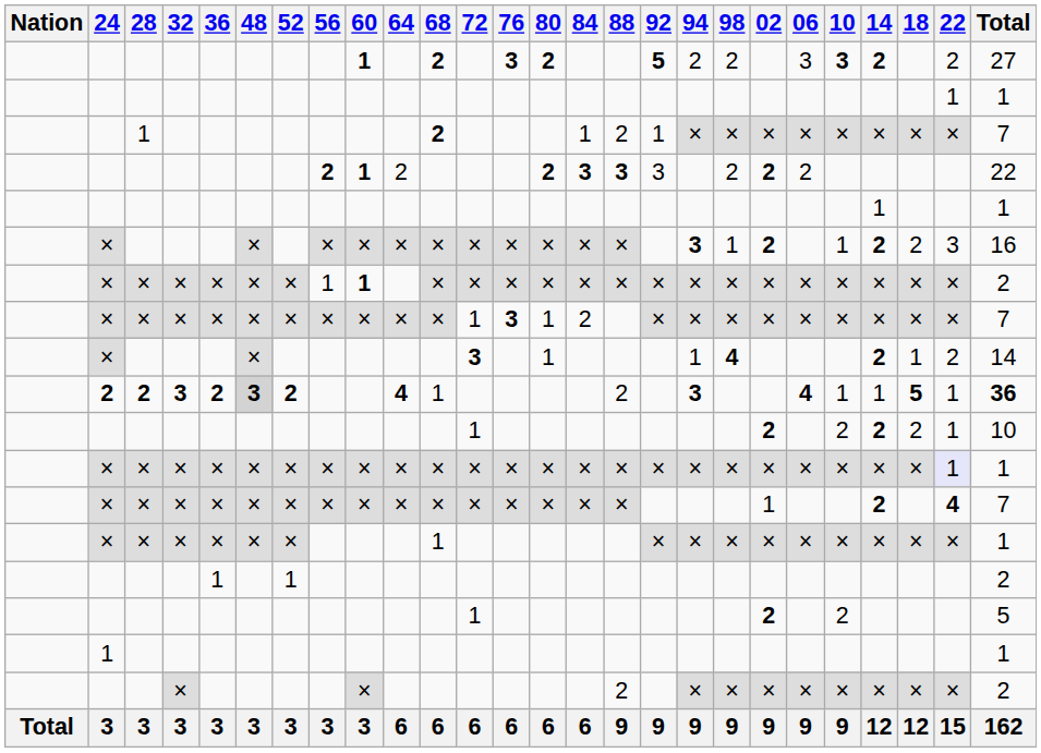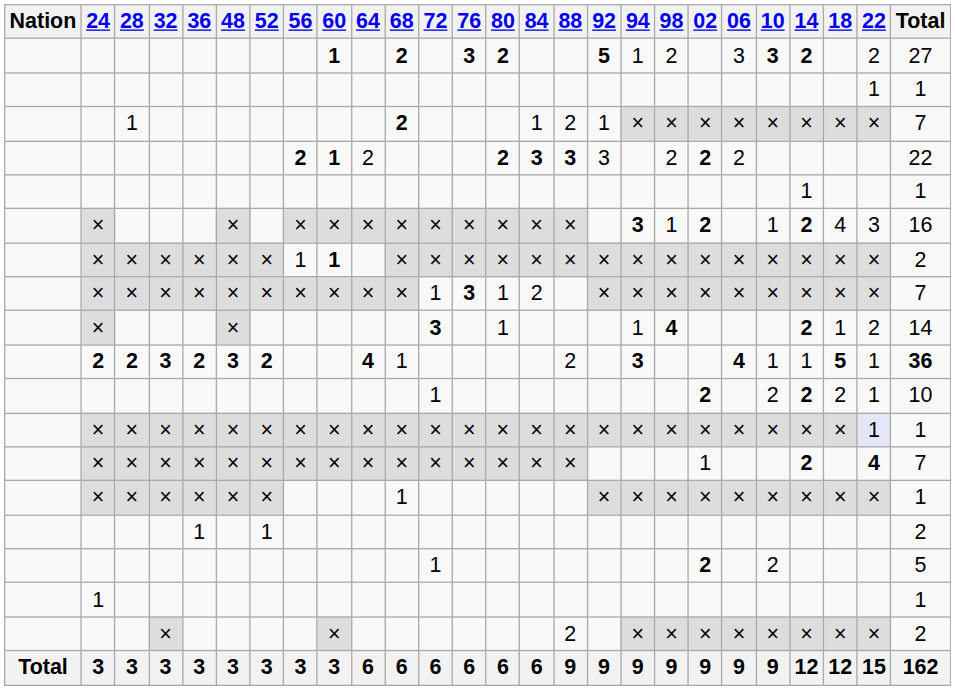 <table class="wikitable sortable" style="text-align:center">
 <tr>
 <th>Nation</th>
 <th><a href='#'>24</a></th>
 <th><a href='#'>28</a></th>
 <th><a href='#'>32</a></th>
 <th><a href='#'>36</a></th>
 <th><a href='#'>48</a></th>
 <th><a href='#'>52</a></th>
 <th><a href='#'>56</a></th>
 <th><a href='#'>60</a></th>
 <th><a href='#'>64</a></th>
 <th><a href='#'>68</a></th>
 <th><a href='#'>72</a></th>
 <th><a href='#'>76</a></th>
 <th><a href='#'>80</a></th>
 <th><a href='#'>84</a></th>
 <th><a href='#'>88</a></th>
 <th><a href='#'>92</a></th>
 <th><a href='#'>94</a></th>
 <th><a href='#'>98</a></th>
 <th><a href='#'>02</a></th>
 <th><a href='#'>06</a></th>
 <th><a href='#'>10</a></th>
 <th><a href='#'>14</a></th>
 <th><a href='#'>18</a></th>
 <th><a href='#'>22</a></th>
 <th>Total</th>
 </tr>
 <tr>
 <td align=left></td>
 <td></td>
 <td></td>
 <td></td>
 <td></td>
 <td></td>
 <td></td>
 <td></td>
 <td><strong>1</strong></td>
 <td></td>
 <td><strong>2</strong></td>
 <td></td>
 <td><strong>3</strong></td>
 <td><strong>2</strong></td>
 <td></td>
 <td></td>
 <td><strong>5</strong></td>
-<td>2</td>
+<td>1</td>
 <td>2</td>
 <td></td>
 <td>3</td>
 <td><strong>3</strong></td>
 <td><strong>2</strong></td>
 <td></td>
 <td>2</td>
 <td>27</td>
 </tr>
 <tr>
 <td align=left></td>
 <td></td>
 <td></td>
 <td></td>
 <td></td>
 <td></td>
 <td></td>
 <td></td>
 <td></td>
 <td></td>
 <td></td>
 <td></td>
 <td></td>
 <td></td>
 <td></td>
 <td></td>
 <td></td>
 <td></td>
 <td></td>
 <td></td>
 <td></td>
 <td></td>
 <td></td>
 <td></td>
 <td>1</td>
 <td>1</td>
 </tr>
 <tr>
 <td align=left></td>
 <td></td>
 <td>1</td>
 <td></td>
 <td></td>
 <td></td>
 <td></td>
 <td></td>
 <td></td>
 <td></td>
 <td><strong>2</strong></td>
 <td></td>
 <td></td>
 <td></td>
 <td>1</td>
 <td>2</td>
 <td>1</td>
 <td style="background:#ddd">×</td>
 <td style="background:#ddd">×</td>
 <td style="background:#ddd">×</td>
 <td style="background:#ddd">×</td>
 <td style="background:#ddd">×</td>
 <td style="background:#ddd">×</td>
 <td style="background:#ddd">×</td>
 <td style="background:#ddd">×</td>
 <td>7</td>
 </tr>
 <tr>
 <td align=left></td>
 <td></td>
 <td></td>
 <td></td>
 <td></td>
 <td></td>
 <td></td>
 <td><strong>2</strong></td>
 <td><strong>1</strong></td>
 <td>2</td>
 <td></td>
 <td></td>
 <td></td>
 <td><strong>2</strong></td>
 <td><strong>3</strong></td>
 <td><strong>3</strong></td>
 <td>3</td>
 <td></td>
 <td>2</td>
 <td><strong>2</strong></td>
 <td>2</td>
 <td></td>
 <td></td>
 <td></td>
 <td></td>
 <td>22</td>
 </tr>
 <tr>
 <td align=left></td>
 <td></td>
 <td></td>
 <td></td>
 <td></td>
 <td></td>
 <td></td>
 <td></td>
 <td></td>
 <td></td>
 <td></td>
 <td></td>
 <td></td>
 <td></td>
 <td></td>
 <td></td>
 <td></td>
 <td></td>
 <td></td>
 <td></td>
 <td></td>
 <td></td>
 <td>1</td>
 <td></td>
 <td></td>
 <td>1</td>
 </tr>
 <tr>
 <td align=left></td>
 <td style="background:#ddd">×</td>
 <td></td>
 <td></td>
 <td></td>
 <td style="background:#ddd">×</td>
 <td></td>
 <td style="background:#ddd">×</td>
 <td style="background:#ddd">×</td>
 <td style="background:#ddd">×</td>
 <td style="background:#ddd">×</td>
 <td style="background:#ddd">×</td>
 <td style="background:#ddd">×</td>
 <td style="background:#ddd">×</td>
 <td style="background:#ddd">×</td>
 <td style="background:#ddd">×</td>
 <td></td>
 <td><strong>3</strong></td>
 <td>1</td>
 <td><strong>2</strong></td>
 <td></td>
 <td>1</td>
 <td><strong>2</strong></td>
-<td>2</td>
+<td>4</td>
 <td>3</td>
 <td>16</td>
 </tr>
 <tr>
 <td align=left></td>
 <td style="background:#ddd">×</td>
 <td style="background:#ddd">×</td>
 <td style="background:#ddd">×</td>
 <td style="background:#ddd">×</td>
 <td style="background:#ddd">×</td>
 <td style="background:#ddd">×</td>
 <td>1</td>
 <td><strong>1</strong></td>
 <td></td>
 <td style="background:#ddd">×</td>
 <td style="background:#ddd">×</td>
 <td style="background:#ddd">×</td>
 <td style="background:#ddd">×</td>
 <td style="background:#ddd">×</td>
 <td style="background:#ddd">×</td>
 <td style="background:#ddd">×</td>
 <td style="background:#ddd">×</td>
 <td style="background:#ddd">×</td>
 <td style="background:#ddd">×</td>
 <td style="background:#ddd">×</td>
 <td style="background:#ddd">×</td>
 <td style="background:#ddd">×</td>
 <td style="background:#ddd">×</td>
 <td style="background:#ddd">×</td>
 <td>2</td>
 </tr>
 <tr>
 <td align=left></td>
 <td style="background:#ddd">×</td>
 <td style="background:#ddd">×</td>
 <td style="background:#ddd">×</td>
 <td style="background:#ddd">×</td>
 <td style="background:#ddd">×</td>
 <td style="background:#ddd">×</td>
 <td style="background:#ddd">×</td>
 <td style="background:#ddd">×</td>
 <td style="background:#ddd">×</td>
 <td style="background:#ddd">×</td>
 <td>1</td>
 <td><strong>3</strong></td>
 <td>1</td>
 <td>2</td>
 <td></td>
 <td style="background:#ddd">×</td>
 <td style="background:#ddd">×</td>
 <td style="background:#ddd">×</td>
 <td style="background:#ddd">×</td>
 <td style="background:#ddd">×</td>
 <td style="background:#ddd">×</td>
 <td style="background:#ddd">×</td>
 <td style="background:#ddd">×</td>
 <td style="background:#ddd">×</td>
 <td>7</td>
 </tr>
 <tr>
 <td align=left></td>
 <td style="background:#ddd">×</td>
 <td></td>
 <td></td>
 <td></td>
 <td style="background:#ddd">×</td>
 <td></td>
 <td></td>
 <td></td>
 <td></td>
 <td></td>
 <td><strong>3</strong></td>
 <td></td>
 <td>1</td>
 <td></td>
 <td></td>
 <td></td>
 <td>1</td>
 <td><strong>4</strong></td>
 <td></td>
 <td></td>
 <td></td>
 <td><strong>2</strong></td>
 <td>1</td>
 <td>2</td>
 <td>14</td>
 </tr>
 <tr>
 <td align=left></td>
 <td><strong>2</strong></td>
 <td><strong>2</strong></td>
 <td><strong>3</strong></td>
 <td><strong>2</strong></td>
-<td style="background: lightgrey;"><strong>3</strong></td>
+<td><strong>3</strong></td>
 <td><strong>2</strong></td>
 <td></td>
 <td></td>
 <td><strong>4</strong></td>
 <td>1</td>
 <td></td>
 <td></td>
 <td></td>
 <td></td>
 <td>2</td>
 <td></td>
 <td><strong>3</strong></td>
 <td></td>
 <td></td>
 <td><strong>4</strong></td>
 <td>1</td>
 <td>1</td>
 <td><strong>5</strong></td>
 <td>1</td>
 <td><strong>36</strong></td>
 </tr>
 <tr>
 <td align=left></td>
 <td></td>
 <td></td>
 <td></td>
 <td></td>
 <td></td>
 <td></td>
 <td></td>
 <td></td>
 <td></td>
 <td></td>
 <td>1</td>
 <td></td>
 <td></td>
 <td></td>
 <td></td>
 <td></td>
 <td></td>
 <td></td>
 <td><strong>2</strong></td>
 <td></td>
 <td>2</td>
 <td><strong>2</strong></td>
 <td>2</td>
 <td>1</td>
 <td>10</td>
 </tr>
 <tr>
 <td align=left> </td>
 <td style="background:#ddd">×</td>
 <td style="background:#ddd">×</td>
 <td style="background:#ddd">×</td>
 <td style="background:#ddd">×</td>
 <td style="background:#ddd">×</td>
 <td style="background:#ddd">×</td>
 <td style="background:#ddd">×</td>
 <td style="background:#ddd">×</td>
 <td style="background:#ddd">×</td>
 <td style="background:#ddd">×</td>
 <td style="background:#ddd">×</td>
 <td style="background:#ddd">×</td>
 <td style="background:#ddd">×</td>
 <td style="background:#ddd">×</td>
 <td style="background:#ddd">×</td>
 <td style="background:#ddd">×</td>
 <td style="background:#ddd">×</td>
 <td style="background:#ddd">×</td>
 <td style="background:#ddd">×</td>
 <td style="background:#ddd">×</td>
 <td style="background:#ddd">×</td>
 <td style="background:#ddd">×</td>
 <td style="background:#ddd">×</td>
 <td style="background: lavender;">1</td>
 <td>1</td>
 </tr>
 <tr>
 <td align=left></td>
 <td style="background:#ddd">×</td>
 <td style="background:#ddd">×</td>
 <td style="background:#ddd">×</td>
 <td style="background:#ddd">×</td>
 <td style="background:#ddd">×</td>
 <td style="background:#ddd">×</td>
 <td style="background:#ddd">×</td>
 <td style="background:#ddd">×</td>
 <td style="background:#ddd">×</td>
 <td style="background:#ddd">×</td>
 <td style="background:#ddd">×</td>
 <td style="background:#ddd">×</td>
 <td style="background:#ddd">×</td>
 <td style="background:#ddd">×</td>
 <td style="background:#ddd">×</td>
 <td></td>
 <td></td>
 <td></td>
 <td>1</td>
 <td></td>
 <td></td>
 <td><strong>2</strong></td>
 <td></td>
 <td><strong>4</strong></td>
 <td>7</td>
 </tr>
 <tr>
 <td align=left></td>
 <td style="background:#ddd">×</td>
 <td style="background:#ddd">×</td>
 <td style="background:#ddd">×</td>
 <td style="background:#ddd">×</td>
 <td style="background:#ddd">×</td>
 <td style="background:#ddd">×</td>
 <td></td>
 <td></td>
 <td></td>
 <td>1</td>
 <td></td>
 <td></td>
 <td></td>
 <td></td>
 <td></td>
 <td style="background:#ddd">×</td>
 <td style="background:#ddd">×</td>
 <td style="background:#ddd">×</td>
 <td style="background:#ddd">×</td>
 <td style="background:#ddd">×</td>
 <td style="background:#ddd">×</td>
 <td style="background:#ddd">×</td>
 <td style="background:#ddd">×</td>
 <td style="background:#ddd">×</td>
 <td>1</td>
 </tr>
 <tr>
 <td align=left></td>
 <td></td>
 <td></td>
 <td></td>
 <td>1</td>
 <td></td>
 <td>1</td>
 <td></td>
 <td></td>
 <td></td>
 <td></td>
 <td></td>
 <td></td>
 <td></td>
 <td></td>
 <td></td>
 <td></td>
 <td></td>
 <td></td>
 <td></td>
 <td></td>
 <td></td>
 <td></td>
 <td></td>
 <td></td>
 <td>2</td>
 </tr>
 <tr>
 <td align=left></td>
 <td></td>
 <td></td>
 <td></td>
 <td></td>
 <td></td>
 <td></td>
 <td></td>
 <td></td>
 <td></td>
 <td></td>
 <td>1</td>
 <td></td>
 <td></td>
 <td></td>
 <td></td>
 <td></td>
 <td></td>
 <td></td>
 <td><strong>2</strong></td>
 <td></td>
 <td>2</td>
 <td></td>
 <td></td>
 <td></td>
 <td>5</td>
 </tr>
 <tr>
 <td align=left></td>
 <td>1</td>
 <td></td>
 <td></td>
 <td></td>
 <td></td>
 <td></td>
 <td></td>
 <td></td>
 <td></td>
 <td></td>
 <td></td>
 <td></td>
 <td></td>
 <td></td>
 <td></td>
 <td></td>
 <td></td>
 <td></td>
 <td></td>
 <td></td>
 <td></td>
 <td></td>
 <td></td>
 <td></td>
 <td>1</td>
 </tr>
 <tr>
 <td align=left></td>
 <td></td>
 <td></td>
 <td style="background:#ddd">×</td>
 <td></td>
 <td></td>
 <td></td>
 <td></td>
 <td style="background:#ddd">×</td>
 <td></td>
 <td></td>
 <td></td>
 <td></td>
 <td></td>
 <td></td>
 <td>2</td>
 <td></td>
 <td style="background:#ddd">×</td>
 <td style="background:#ddd">×</td>
 <td style="background:#ddd">×</td>
 <td style="background:#ddd">×</td>
 <td style="background:#ddd">×</td>
 <td style="background:#ddd">×</td>
 <td style="background:#ddd">×</td>
 <td style="background:#ddd">×</td>
 <td>2</td>
 </tr>
 <tr class="sortbottom">
 <th><strong>Total</strong></th>
 <th>3</th>
 <th>3</th>
 <th>3</th>
 <th>3</th>
 <th>3</th>
 <th>3</th>
 <th>3</th>
 <th>3</th>
 <th>6</th>
 <th>6</th>
 <th>6</th>
 <th>6</th>
 <th>6</th>
 <th>6</th>
 <th>9</th>
 <th>9</th>
 <th>9</th>
 <th>9</th>
 <th>9</th>
 <th>9</th>
 <th>9</th>
 <th>12</th>
 <th>12</th>
 <th>15</th>
 <th>162</th>
 </tr>
 </table>
